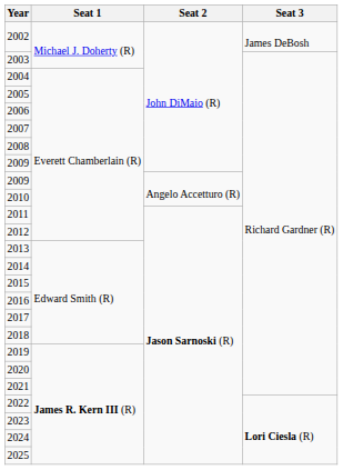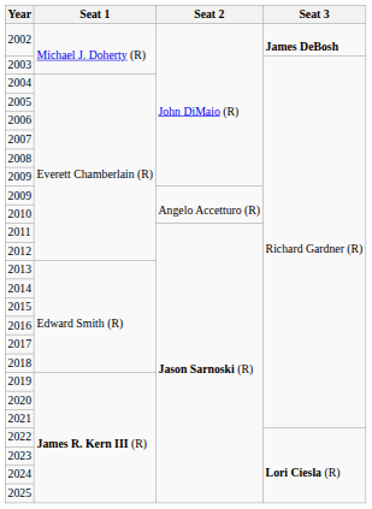 <table class="wikitable">
 <tr>
 <th>Year</th>
 <th>Seat 1</th>
 <th>Seat 2</th>
 <th>Seat 3</th>
 </tr>
 <tr>
 <td>2002 </td>
 <td rowspan="2" ><br><a href='#'>Michael J. Doherty</a> (R)</td>
 <td rowspan="8" ><br><a href='#'>John DiMaio</a> (R)</td>
-<td><br>James DeBosh</td>
+<td><strong><br>James DeBosh</strong></td>
 </tr>
 <tr>
 <td>2003</td>
 <td rowspan="20" ><br>Richard Gardner (R)</td>
 </tr>
 <tr>
 <td>2004</td>
 <td rowspan="10" ><br>Everett Chamberlain (R)</td>
 </tr>
 <tr>
 <td>2005</td>
 </tr>
 <tr>
 <td>2006</td>
 </tr>
 <tr>
 <td>2007</td>
 </tr>
 <tr>
 <td>2008</td>
 </tr>
 <tr>
 <td>2009</td>
 </tr>
 <tr>
 <td>2009</td>
 <td rowspan="2" ><br>Angelo Accetturo (R)</td>
 </tr>
 <tr>
 <td>2010</td>
 </tr>
 <tr>
 <td>2011</td>
 <td rowspan="15" ><br><strong> Jason Sarnoski </strong> (R)</td>
 </tr>
 <tr>
 <td>2012</td>
 </tr>
 <tr>
 <td>2013</td>
 <td rowspan="6" ><br>Edward Smith (R)</td>
 </tr>
 <tr>
 <td>2014</td>
 </tr>
 <tr>
 <td>2015</td>
 </tr>
 <tr>
 <td>2016</td>
 </tr>
 <tr>
 <td>2017</td>
 </tr>
 <tr>
 <td>2018</td>
 </tr>
 <tr>
 <td>2019</td>
 <td rowspan="7" ><br><strong> James R. Kern III </strong> (R)</td>
 </tr>
 <tr>
 <td>2020</td>
 </tr>
 <tr>
 <td>2021</td>
 </tr>
 <tr>
 <td>2022</td>
 <td rowspan="4" ><br><strong> Lori Ciesla </strong> (R)</td>
 </tr>
 <tr>
 <td>2023</td>
 </tr>
 <tr>
 <td>2024</td>
 </tr>
 <tr>
 <td>2025</td>
 </tr>
 </table>
